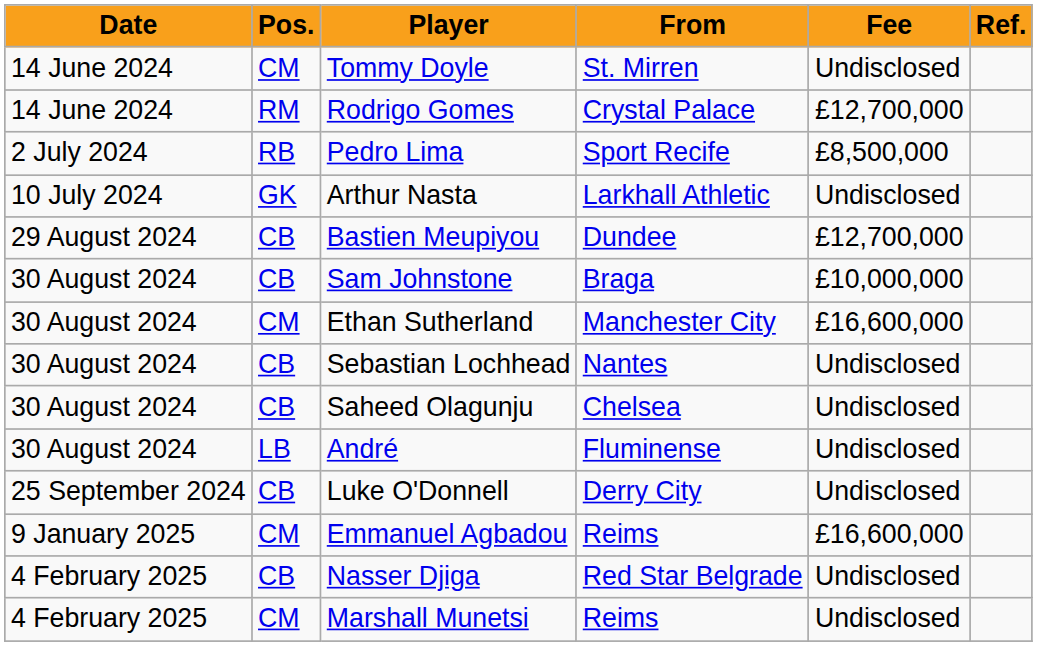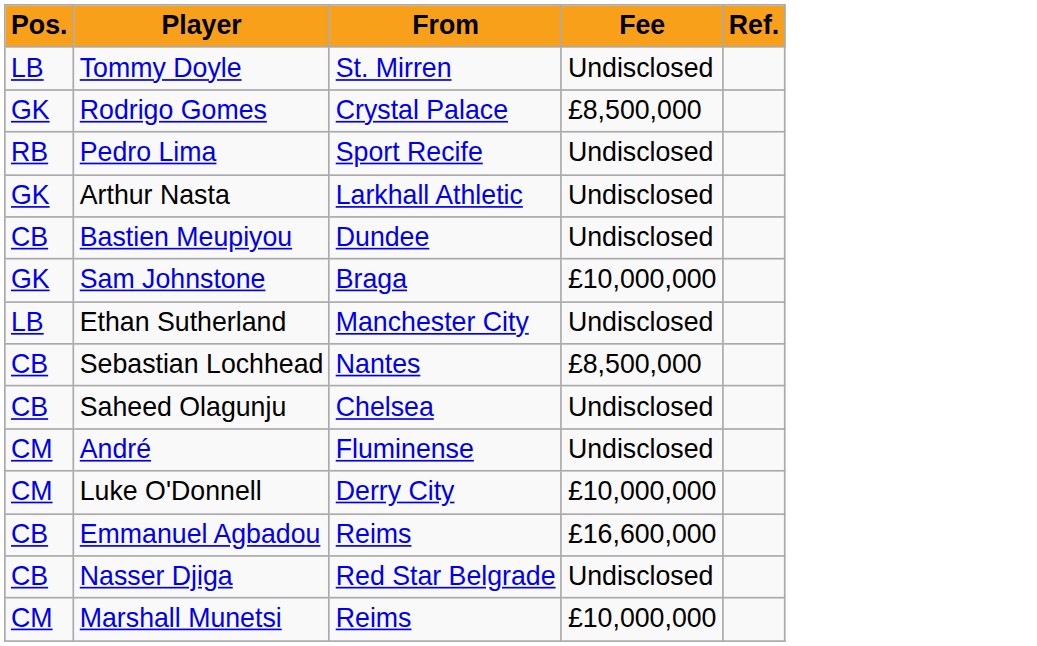 <table class="wikitable plainrowheaders sortable">
 <tr>
-<th style="background:#F9A01B; color:#000000; ">Date</th>
 <th style="background:#F9A01B; color:#000000; ">Pos.</th>
 <th style="background:#F9A01B; color:#000000; ">Player</th>
 <th style="background:#F9A01B; color:#000000; ">From</th>
 <th style="background:#F9A01B; color:#000000; ">Fee</th>
 <th style="background:#F9A01B; color:#000000; ">Ref.</th>
 </tr>
 <tr>
-<td>14 June 2024</td>
-<td><a href='#'>CM</a></td>
+<td><a href='#'>LB</a></td>
 <td> <a href='#'>Tommy Doyle</a></td>
 <td> <a href='#'>St. Mirren</a></td>
 <td>Undisclosed</td>
 <td></td>
 </tr>
 <tr>
-<td>14 June 2024</td>
-<td><a href='#'>RM</a></td>
+<td><a href='#'>GK</a></td>
 <td> <a href='#'>Rodrigo Gomes</a></td>
 <td> <a href='#'>Crystal Palace</a></td>
-<td>£12,700,000</td>
-<td></td>
-</tr>
-<tr>
-<td>2 July 2024</td>
-<td><a href='#'>RB</a></td>
-<td> <a href='#'>Pedro Lima</a></td>
-<td> <a href='#'>Sport Recife</a></td>
 <td>£8,500,000</td>
 <td></td>
 </tr>
 <tr>
-<td>10 July 2024</td>
+<td><a href='#'>RB</a></td>
+<td> <a href='#'>Pedro Lima</a></td>
+<td> <a href='#'>Sport Recife</a></td>
+<td>Undisclosed</td>
+<td></td>
+</tr>
+<tr>
 <td><a href='#'>GK</a></td>
 <td> Arthur Nasta</td>
 <td> <a href='#'>Larkhall Athletic</a></td>
 <td>Undisclosed</td>
 <td></td>
 </tr>
 <tr>
-<td>29 August 2024</td>
 <td><a href='#'>CB</a></td>
 <td> <a href='#'>Bastien Meupiyou</a></td>
 <td> <a href='#'>Dundee</a></td>
-<td>£12,700,000</td>
+<td>Undisclosed</td>
 <td></td>
 </tr>
 <tr>
-<td>30 August 2024</td>
-<td><a href='#'>CB</a></td>
+<td><a href='#'>GK</a></td>
 <td> <a href='#'>Sam Johnstone</a></td>
 <td> <a href='#'>Braga</a></td>
 <td>£10,000,000</td>
 <td></td>
 </tr>
 <tr>
-<td>30 August 2024</td>
-<td><a href='#'>CM</a></td>
+<td><a href='#'>LB</a></td>
 <td> Ethan Sutherland</td>
 <td> <a href='#'>Manchester City</a></td>
-<td>£16,600,000</td>
-<td></td>
-</tr>
-<tr>
-<td>30 August 2024</td>
-<td><a href='#'>CB</a></td>
-<td> Sebastian Lochhead</td>
-<td> <a href='#'>Nantes</a></td>
 <td>Undisclosed</td>
 <td></td>
 </tr>
 <tr>
-<td>30 August 2024</td>
+<td><a href='#'>CB</a></td>
+<td> Sebastian Lochhead</td>
+<td> <a href='#'>Nantes</a></td>
+<td>£8,500,000</td>
+<td></td>
+</tr>
+<tr>
 <td><a href='#'>CB</a></td>
 <td> Saheed Olagunju</td>
 <td> <a href='#'>Chelsea</a></td>
 <td>Undisclosed</td>
 <td></td>
 </tr>
 <tr>
-<td>30 August 2024</td>
-<td><a href='#'>LB</a></td>
+<td><a href='#'>CM</a></td>
 <td> <a href='#'>André</a></td>
 <td> <a href='#'>Fluminense</a></td>
 <td>Undisclosed</td>
 <td></td>
 </tr>
 <tr>
-<td>25 September 2024</td>
-<td><a href='#'>CB</a></td>
+<td><a href='#'>CM</a></td>
 <td> Luke O'Donnell</td>
 <td> <a href='#'>Derry City</a></td>
-<td>Undisclosed</td>
+<td>£10,000,000</td>
 <td></td>
 </tr>
 <tr>
-<td>9 January 2025</td>
-<td><a href='#'>CM</a></td>
+<td><a href='#'>CB</a></td>
 <td> <a href='#'>Emmanuel Agbadou</a></td>
 <td> <a href='#'>Reims</a></td>
 <td>£16,600,000</td>
 <td></td>
 </tr>
 <tr>
-<td>4 February 2025</td>
 <td><a href='#'>CB</a></td>
 <td> <a href='#'>Nasser Djiga</a></td>
 <td> <a href='#'>Red Star Belgrade</a></td>
 <td>Undisclosed</td>
 <td></td>
 </tr>
 <tr>
-<td>4 February 2025</td>
 <td><a href='#'>CM</a></td>
 <td> <a href='#'>Marshall Munetsi</a></td>
 <td> <a href='#'>Reims</a></td>
-<td>Undisclosed</td>
+<td>£10,000,000</td>
 <td></td>
 </tr>
 </table>
